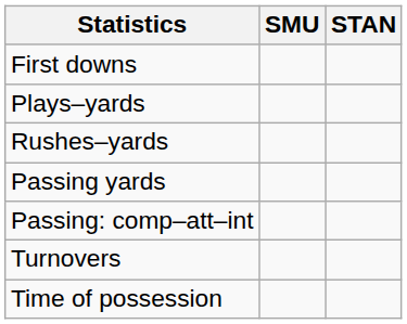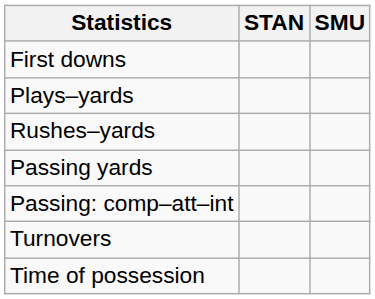 <table class="wikitable" style="float:left">
 <tr>
 <th>Statistics</th>
+<th>STAN</th>
 <th>SMU</th>
-<th>STAN</th>
 </tr>
 <tr>
 <td>First downs</td>
 <td></td>
 <td></td>
 </tr>
 <tr>
 <td>Plays–yards</td>
 <td></td>
 <td></td>
 </tr>
 <tr>
 <td>Rushes–yards</td>
 <td></td>
 <td></td>
 </tr>
 <tr>
 <td>Passing yards</td>
 <td></td>
 <td></td>
 </tr>
 <tr>
 <td>Passing: comp–att–int</td>
 <td></td>
 <td></td>
 </tr>
 <tr>
 <td>Turnovers</td>
 <td></td>
 <td></td>
 </tr>
 <tr>
 <td>Time of possession</td>
 <td></td>
 <td></td>
 </tr>
 </table>
